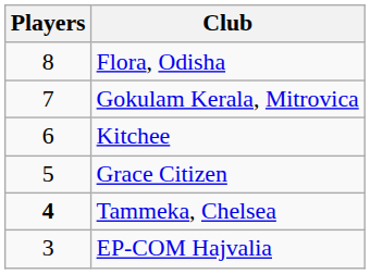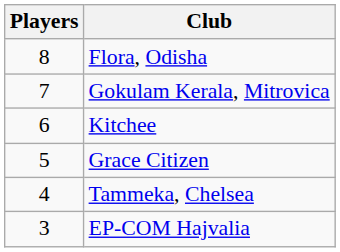 <table class="wikitable">
 <tr>
 <th>Players</th>
 <th>Club</th>
 </tr>
 <tr>
 <td align="center">8</td>
 <td> <a href='#'>Flora</a>,  <a href='#'>Odisha</a></td>
 </tr>
 <tr>
 <td align="center">7</td>
 <td> <a href='#'>Gokulam Kerala</a>,  <a href='#'>Mitrovica</a></td>
 </tr>
 <tr>
 <td align="center">6</td>
 <td> <a href='#'>Kitchee</a></td>
 </tr>
 <tr>
 <td align="center">5</td>
 <td> <a href='#'>Grace Citizen</a></td>
 </tr>
 <tr>
-<td align="center"><strong>4</strong></td>
+<td align="center">4</td>
 <td> <a href='#'>Tammeka</a>,  <a href='#'>Chelsea</a></td>
 </tr>
 <tr>
 <td align="center">3</td>
 <td> <a href='#'>EP-COM Hajvalia</a></td>
 </tr>
 </table>
